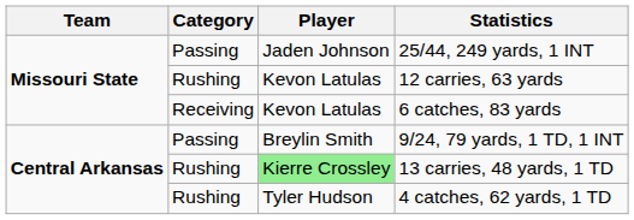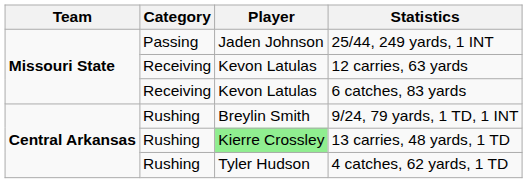 <table class="wikitable" style="float: right;">
 <tr>
 <th>Team</th>
 <th>Category</th>
 <th>Player</th>
 <th>Statistics</th>
 </tr>
 <tr>
 <td rowspan=3><strong>Missouri State</strong></td>
 <td>Passing</td>
 <td>Jaden Johnson</td>
 <td>25/44, 249 yards, 1 INT</td>
 </tr>
 <tr>
-<td>Rushing</td>
+<td>Receiving</td>
 <td>Kevon Latulas</td>
 <td>12 carries, 63 yards</td>
 </tr>
 <tr>
 <td>Receiving</td>
 <td>Kevon Latulas</td>
 <td>6 catches, 83 yards</td>
 </tr>
 <tr>
 <td rowspan=3><strong>Central Arkansas</strong></td>
-<td>Passing</td>
+<td>Rushing</td>
 <td>Breylin Smith</td>
 <td>9/24, 79 yards, 1 TD, 1 INT</td>
 </tr>
 <tr>
 <td>Rushing</td>
 <td style="background: lightgreen;">Kierre Crossley</td>
 <td>13 carries, 48 yards, 1 TD</td>
 </tr>
 <tr>
 <td>Rushing</td>
 <td>Tyler Hudson</td>
 <td>4 catches, 62 yards, 1 TD</td>
 </tr>
 </table>
